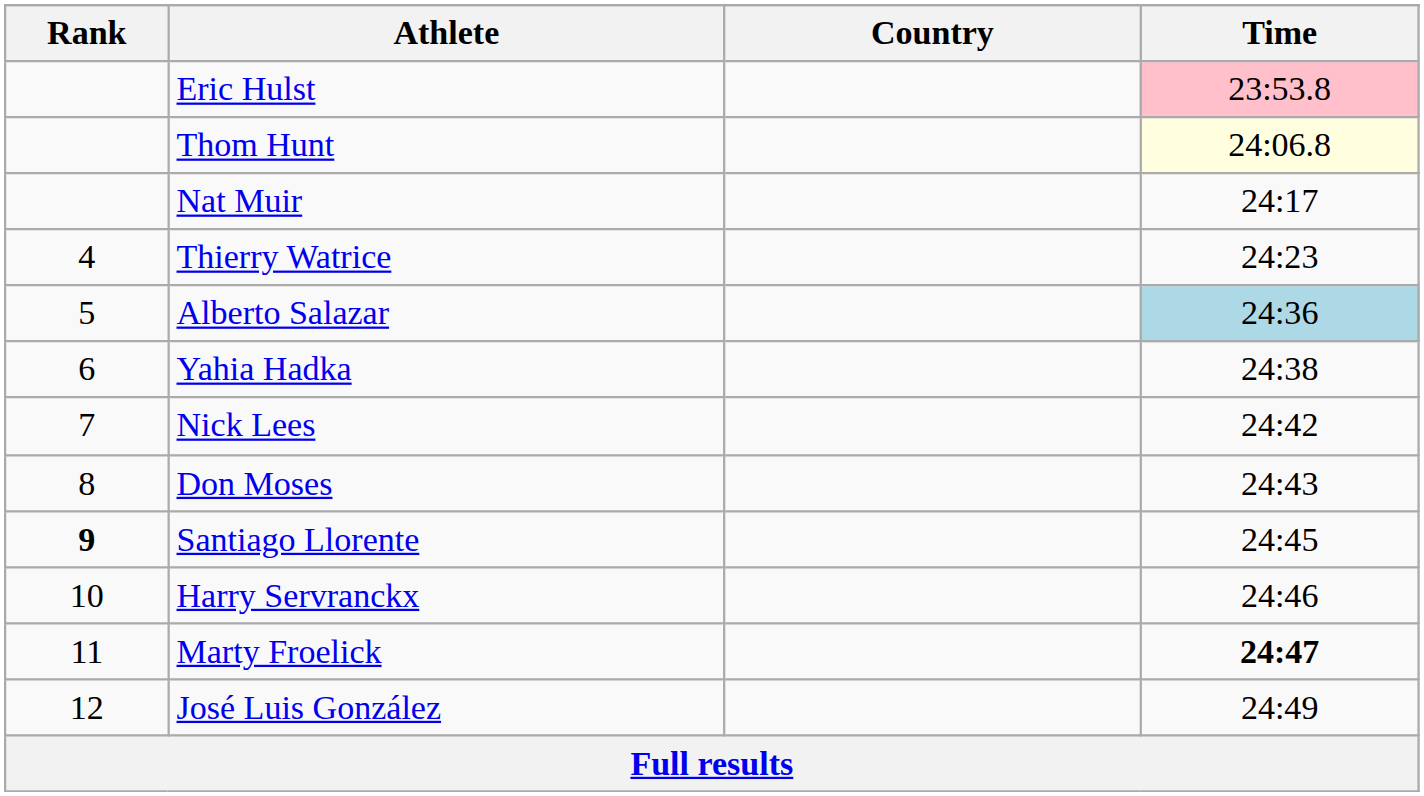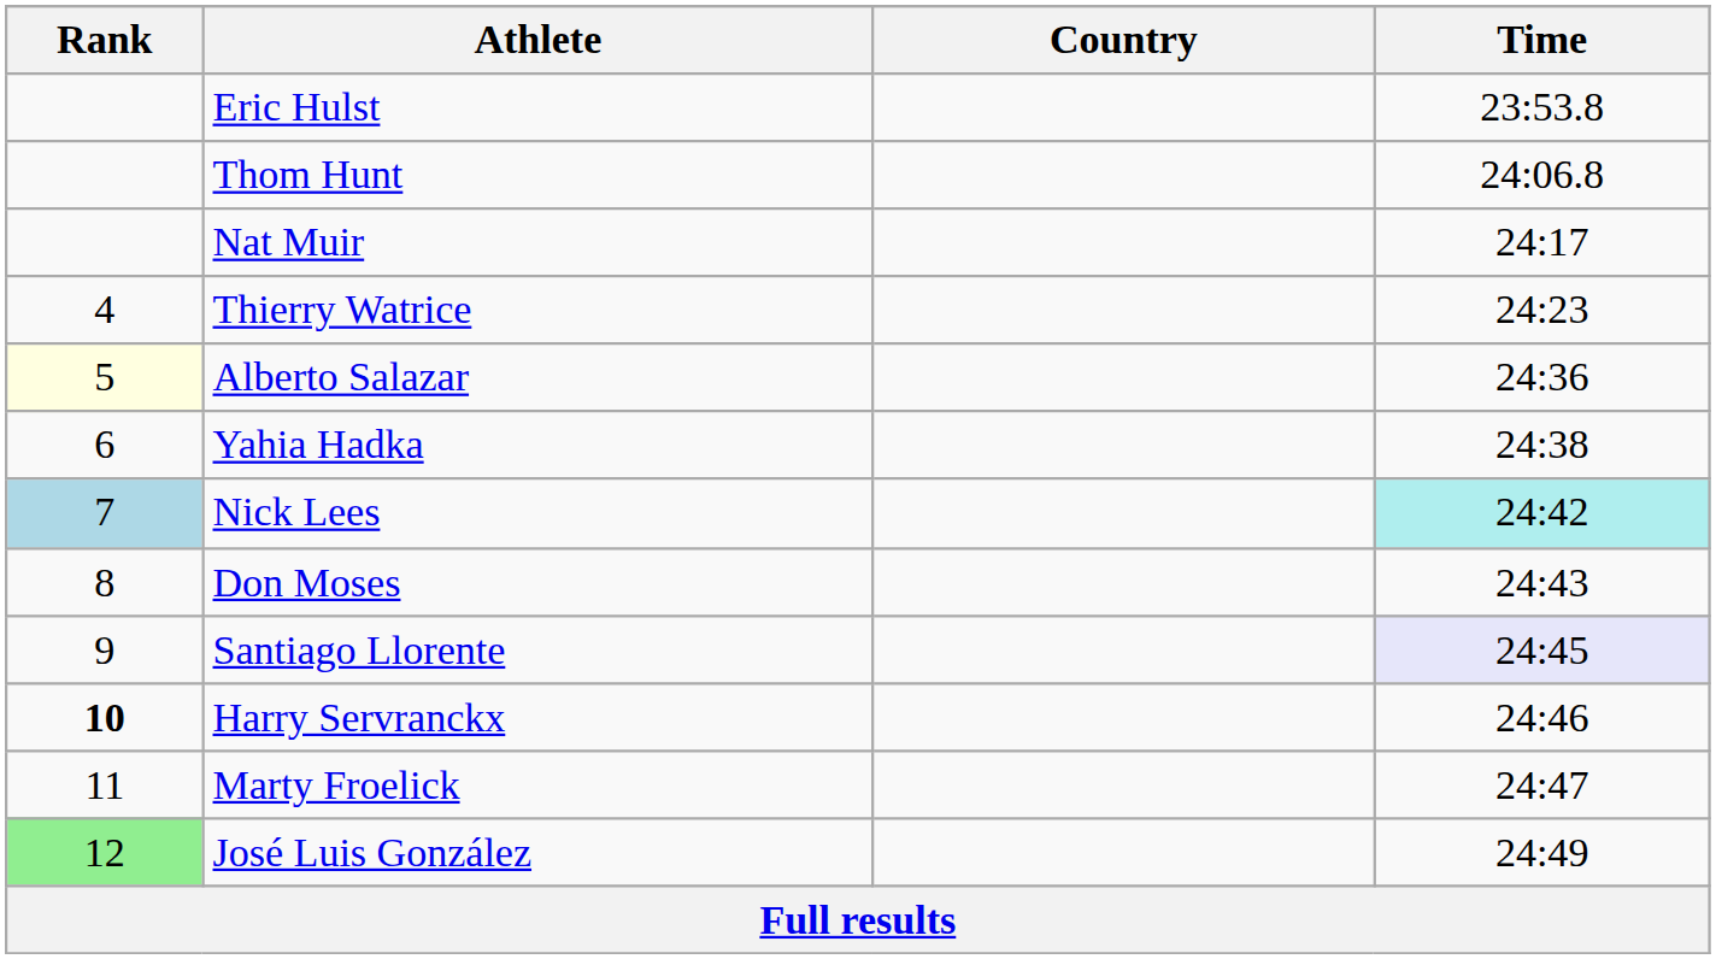 <table class="wikitable sortable" style=" text-align:center; font-size:95%;" width="50%">
 <tr>
 </tr>
 <tr>
 <th width=5%>Rank</th>
 <th width=20%>Athlete</th>
 <th width=15%>Country</th>
 <th width=10%>Time</th>
 </tr>
 <tr>
 <td align=center></td>
 <td align=left><a href='#'>Eric Hulst</a></td>
 <td align=left></td>
-<td style="background: pink;">23:53.8</td>
+<td>23:53.8</td>
 </tr>
 <tr>
 <td align=center></td>
 <td align=left><a href='#'>Thom Hunt</a></td>
 <td align=left></td>
-<td style="background: lightyellow;">24:06.8</td>
+<td>24:06.8</td>
 </tr>
 <tr>
 <td align=center></td>
 <td align=left><a href='#'>Nat Muir</a></td>
 <td align=left></td>
 <td>24:17</td>
 </tr>
 <tr>
 <td align=center>4</td>
 <td align=left><a href='#'>Thierry Watrice</a></td>
 <td align=left></td>
 <td>24:23</td>
 </tr>
 <tr>
-<td align=center>5</td>
+<td align=center style="background: lightyellow;">5</td>
 <td align=left><a href='#'>Alberto Salazar</a></td>
 <td align=left></td>
-<td style="background: lightblue;">24:36</td>
+<td>24:36</td>
 </tr>
 <tr>
 <td align=center>6</td>
 <td align=left><a href='#'>Yahia Hadka</a></td>
 <td align=left></td>
 <td>24:38</td>
 </tr>
 <tr>
-<td align=center>7</td>
+<td align=center style="background: lightblue;">7</td>
 <td align=left><a href='#'>Nick Lees</a></td>
 <td align=left></td>
-<td>24:42</td>
+<td style="background: paleturquoise;">24:42</td>
 </tr>
 <tr>
 <td align=center>8</td>
 <td align=left><a href='#'>Don Moses</a></td>
 <td align=left></td>
 <td>24:43</td>
 </tr>
 <tr>
-<td align=center><strong>9</strong></td>
+<td align=center>9</td>
 <td align=left><a href='#'>Santiago Llorente</a></td>
 <td align=left></td>
-<td>24:45</td>
+<td style="background: lavender;">24:45</td>
 </tr>
 <tr>
-<td align=center>10</td>
+<td align=center><strong>10</strong></td>
 <td align=left><a href='#'>Harry Servranckx</a></td>
 <td align=left></td>
 <td>24:46</td>
 </tr>
 <tr>
 <td align=center>11</td>
 <td align=left><a href='#'>Marty Froelick</a></td>
 <td align=left></td>
-<td><strong>24:47</strong></td>
+<td>24:47</td>
 </tr>
 <tr>
-<td align=center>12</td>
+<td align=center style="background: lightgreen;">12</td>
 <td align=left><a href='#'>José Luis González</a></td>
 <td align=left></td>
 <td>24:49</td>
 </tr>
 <tr class="sortbottom">
 <th colspan=4 align=center><a href='#'>Full results</a></th>
 </tr>
 </table>
